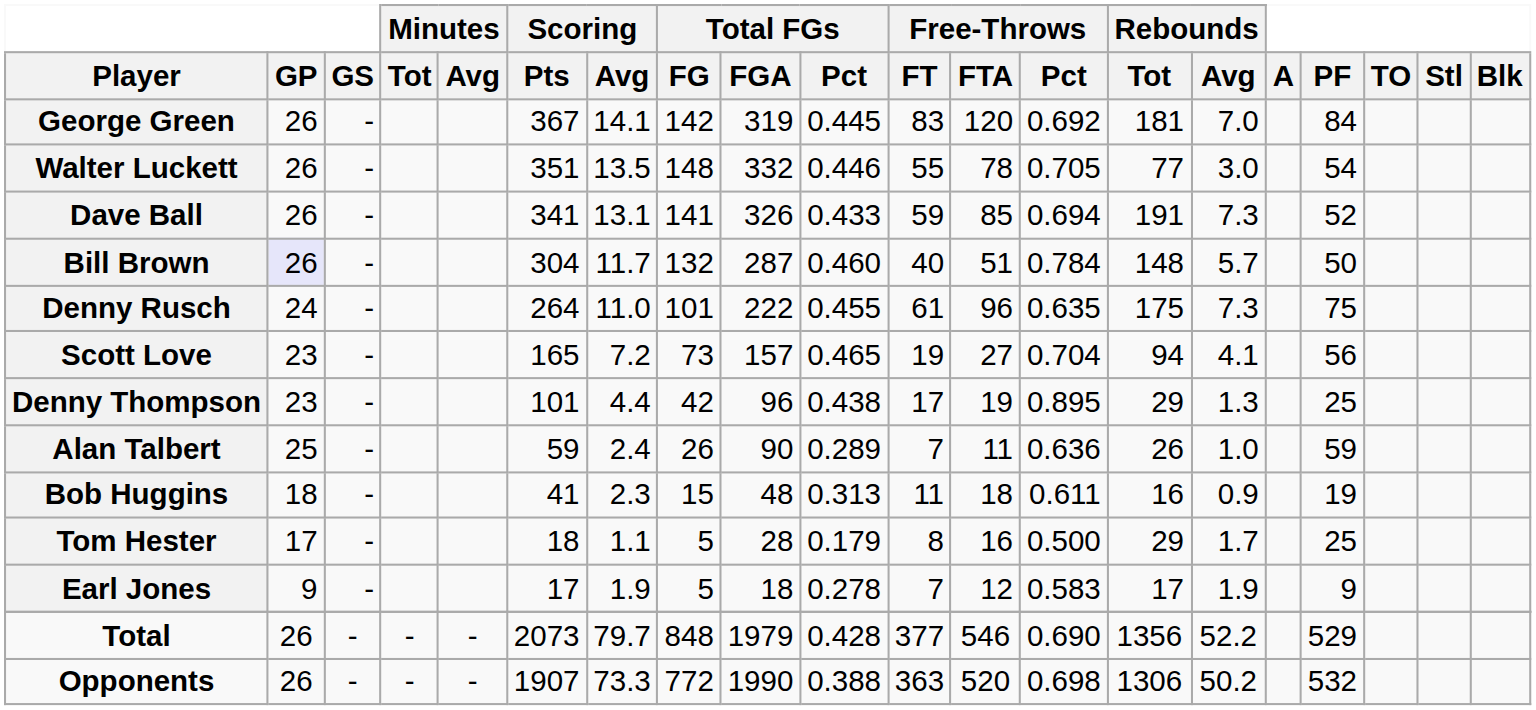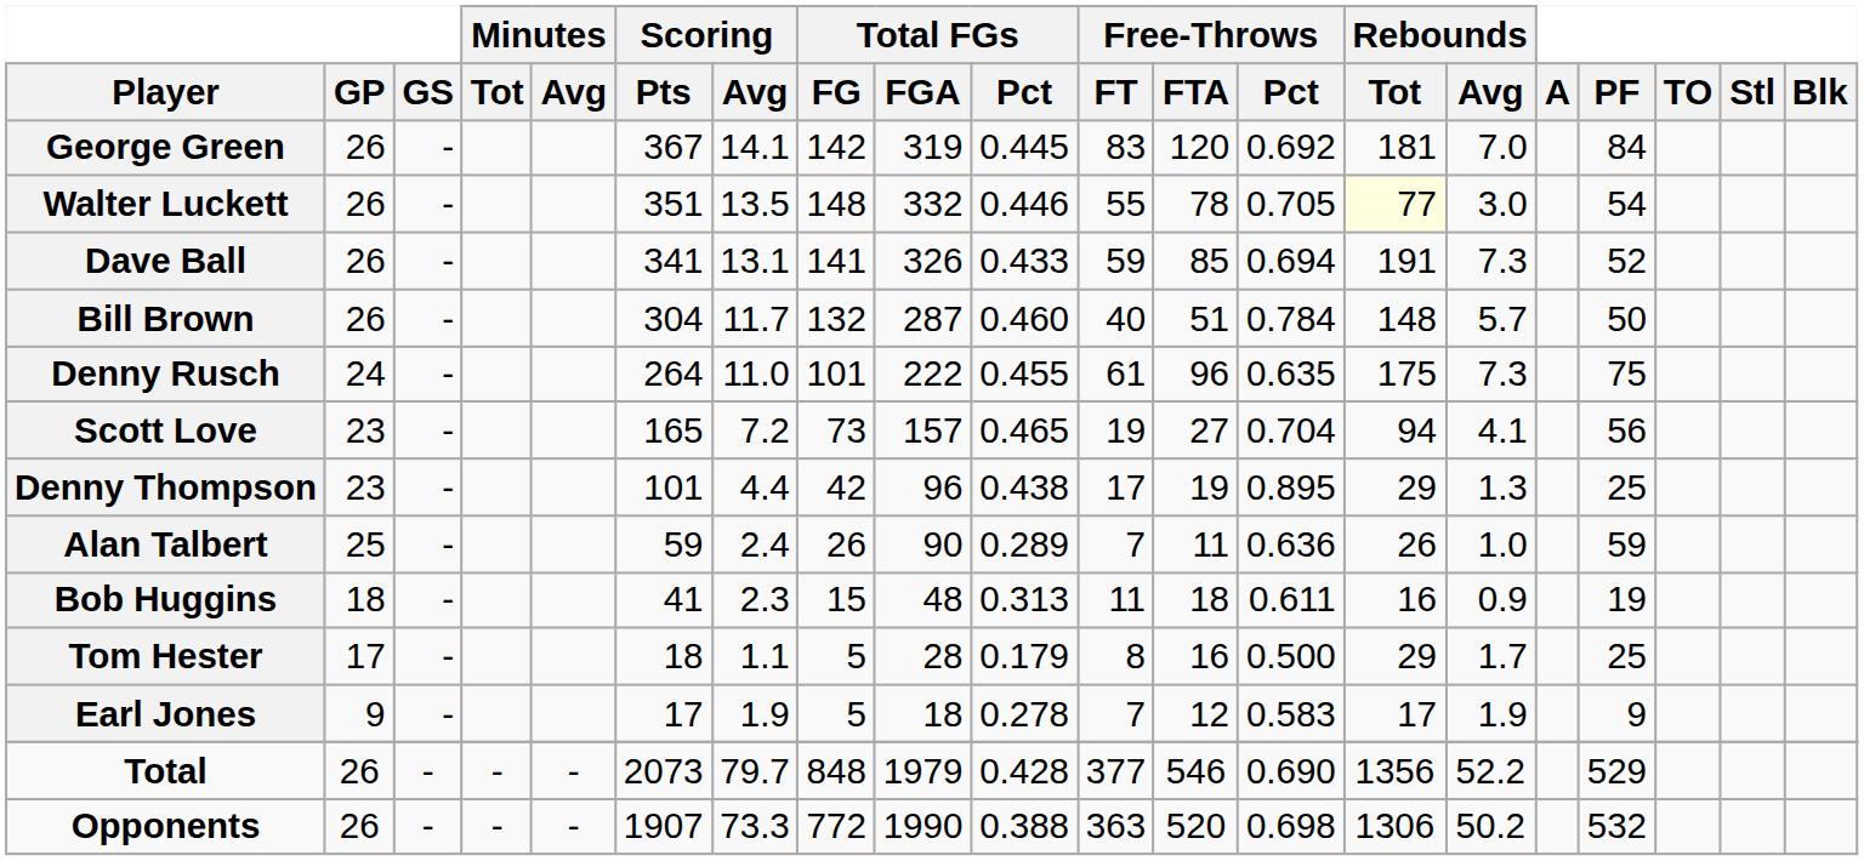 <table class="wikitable sortable" border="1" style="font-size:90%;">
 <tr>
 <th colspan="3" style="border-top-style:hidden; border-left-style:hidden; background: white;"></th>
 <th colspan="2" style=>Minutes</th>
 <th colspan="2" style=>Scoring</th>
 <th colspan="3" style=>Total FGs</th>
 <th colspan="3" style=>Free-Throws</th>
 <th colspan="2" style=>Rebounds</th>
 <th colspan="5" style="border-top-style:hidden; border-right-style:hidden; background: white;"></th>
 </tr>
 <tr>
 <th scope="col" style=>Player</th>
 <th scope="col" style=>GP</th>
 <th scope="col" style=>GS</th>
 <th scope="col" style=>Tot</th>
 <th scope="col" style=>Avg</th>
 <th scope="col" style=>Pts</th>
 <th scope="col" style=>Avg</th>
 <th scope="col" style=>FG</th>
 <th scope="col" style=>FGA</th>
 <th scope="col" style=>Pct</th>
 <th scope="col" style=>FT</th>
 <th scope="col" style=>FTA</th>
 <th scope="col" style=>Pct</th>
 <th scope="col" style=>Tot</th>
 <th scope="col" style=>Avg</th>
 <th scope="col" style=>A</th>
 <th scope="col" style=>PF</th>
 <th scope="col" style=>TO</th>
 <th scope="col" style=>Stl</th>
 <th scope="col" style=>Blk</th>
 </tr>
 <tr>
 <th>George Green</th>
 <td align="right">26</td>
 <td align="right">-</td>
 <td align="right"></td>
 <td align="right"></td>
 <td align="right">367</td>
 <td align="right">14.1</td>
 <td align="right">142</td>
 <td align="right">319</td>
 <td align="right">0.445</td>
 <td align="right">83</td>
 <td align="right">120</td>
 <td align="right">0.692</td>
 <td align="right">181</td>
 <td align="right">7.0</td>
 <td align="right"></td>
 <td align="right">84</td>
 <td align="right"></td>
 <td align="right"></td>
 <td align="right"></td>
 </tr>
 <tr>
 <th>Walter Luckett</th>
 <td align="right">26</td>
 <td align="right">-</td>
 <td align="right"></td>
 <td align="right"></td>
 <td align="right">351</td>
 <td align="right">13.5</td>
 <td align="right">148</td>
 <td align="right">332</td>
 <td align="right">0.446</td>
 <td align="right">55</td>
 <td align="right">78</td>
 <td align="right">0.705</td>
-<td align="right">77</td>
+<td align="right" style="background: lightyellow;">77</td>
 <td align="right">3.0</td>
 <td align="right"></td>
 <td align="right">54</td>
 <td align="right"></td>
 <td align="right"></td>
 <td align="right"></td>
 </tr>
 <tr>
 <th>Dave Ball</th>
 <td align="right">26</td>
 <td align="right">-</td>
 <td align="right"></td>
 <td align="right"></td>
 <td align="right">341</td>
 <td align="right">13.1</td>
 <td align="right">141</td>
 <td align="right">326</td>
 <td align="right">0.433</td>
 <td align="right">59</td>
 <td align="right">85</td>
 <td align="right">0.694</td>
 <td align="right">191</td>
 <td align="right">7.3</td>
 <td align="right"></td>
 <td align="right">52</td>
 <td align="right"></td>
 <td align="right"></td>
 <td align="right"></td>
 </tr>
 <tr>
 <th>Bill Brown</th>
-<td align="right" style="background: lavender;">26</td>
+<td align="right">26</td>
 <td align="right">-</td>
 <td align="right"></td>
 <td align="right"></td>
 <td align="right">304</td>
 <td align="right">11.7</td>
 <td align="right">132</td>
 <td align="right">287</td>
 <td align="right">0.460</td>
 <td align="right">40</td>
 <td align="right">51</td>
 <td align="right">0.784</td>
 <td align="right">148</td>
 <td align="right">5.7</td>
 <td align="right"></td>
 <td align="right">50</td>
 <td align="right"></td>
 <td align="right"></td>
 <td align="right"></td>
 </tr>
 <tr>
 <th>Denny Rusch</th>
 <td align="right">24</td>
 <td align="right">-</td>
 <td align="right"></td>
 <td align="right"></td>
 <td align="right">264</td>
 <td align="right">11.0</td>
 <td align="right">101</td>
 <td align="right">222</td>
 <td align="right">0.455</td>
 <td align="right">61</td>
 <td align="right">96</td>
 <td align="right">0.635</td>
 <td align="right">175</td>
 <td align="right">7.3</td>
 <td align="right"></td>
 <td align="right">75</td>
 <td align="right"></td>
 <td align="right"></td>
 <td align="right"></td>
 </tr>
 <tr>
 <th>Scott Love</th>
 <td align="right">23</td>
 <td align="right">-</td>
 <td align="right"></td>
 <td align="right"></td>
 <td align="right">165</td>
 <td align="right">7.2</td>
 <td align="right">73</td>
 <td align="right">157</td>
 <td align="right">0.465</td>
 <td align="right">19</td>
 <td align="right">27</td>
 <td align="right">0.704</td>
 <td align="right">94</td>
 <td align="right">4.1</td>
 <td align="right"></td>
 <td align="right">56</td>
 <td align="right"></td>
 <td align="right"></td>
 <td align="right"></td>
 </tr>
 <tr>
 <th>Denny Thompson</th>
 <td align="right">23</td>
 <td align="right">-</td>
 <td align="right"></td>
 <td align="right"></td>
 <td align="right">101</td>
 <td align="right">4.4</td>
 <td align="right">42</td>
 <td align="right">96</td>
 <td align="right">0.438</td>
 <td align="right">17</td>
 <td align="right">19</td>
 <td align="right">0.895</td>
 <td align="right">29</td>
 <td align="right">1.3</td>
 <td align="right"></td>
 <td align="right">25</td>
 <td align="right"></td>
 <td align="right"></td>
 <td align="right"></td>
 </tr>
 <tr>
 <th>Alan Talbert</th>
 <td align="right">25</td>
 <td align="right">-</td>
 <td align="right"></td>
 <td align="right"></td>
 <td align="right">59</td>
 <td align="right">2.4</td>
 <td align="right">26</td>
 <td align="right">90</td>
 <td align="right">0.289</td>
 <td align="right">7</td>
 <td align="right">11</td>
 <td align="right">0.636</td>
 <td align="right">26</td>
 <td align="right">1.0</td>
 <td align="right"></td>
 <td align="right">59</td>
 <td align="right"></td>
 <td align="right"></td>
 <td align="right"></td>
 </tr>
 <tr>
 <th>Bob Huggins</th>
 <td align="right">18</td>
 <td align="right">-</td>
 <td align="right"></td>
 <td align="right"></td>
 <td align="right">41</td>
 <td align="right">2.3</td>
 <td align="right">15</td>
 <td align="right">48</td>
 <td align="right">0.313</td>
 <td align="right">11</td>
 <td align="right">18</td>
 <td align="right">0.611</td>
 <td align="right">16</td>
 <td align="right">0.9</td>
 <td align="right"></td>
 <td align="right">19</td>
 <td align="right"></td>
 <td align="right"></td>
 <td align="right"></td>
 </tr>
 <tr>
 <th>Tom Hester</th>
 <td align="right">17</td>
 <td align="right">-</td>
 <td align="right"></td>
 <td align="right"></td>
 <td align="right">18</td>
 <td align="right">1.1</td>
 <td align="right">5</td>
 <td align="right">28</td>
 <td align="right">0.179</td>
 <td align="right">8</td>
 <td align="right">16</td>
 <td align="right">0.500</td>
 <td align="right">29</td>
 <td align="right">1.7</td>
 <td align="right"></td>
 <td align="right">25</td>
 <td align="right"></td>
 <td align="right"></td>
 <td align="right"></td>
 </tr>
 <tr>
 <th>Earl Jones</th>
 <td align="right">9</td>
 <td align="right">-</td>
 <td align="right"></td>
 <td align="right"></td>
 <td align="right">17</td>
 <td align="right">1.9</td>
 <td align="right">5</td>
 <td align="right">18</td>
 <td align="right">0.278</td>
 <td align="right">7</td>
 <td align="right">12</td>
 <td align="right">0.583</td>
 <td align="right">17</td>
 <td align="right">1.9</td>
 <td align="right"></td>
 <td align="right">9</td>
 <td align="right"></td>
 <td align="right"></td>
 <td align="right"></td>
 </tr>
 <tr>
 </tr>
 <tr class="sortbottom">
 <td align="center" style=><strong>Total</strong></td>
 <td align="center" style=>26</td>
 <td align="center" style=>-</td>
 <td align="center" style=>-</td>
 <td align="center" style=>-</td>
 <td align="center" style=>2073</td>
 <td align="center" style=>79.7</td>
 <td align="center" style=>848</td>
 <td align="center" style=>1979</td>
 <td align="center" style=>0.428</td>
 <td align="center" style=>377</td>
 <td align="center" style=>546</td>
 <td align="center" style=>0.690</td>
 <td align="center" style=>1356</td>
 <td align="center" style=>52.2</td>
 <td align="center" style=></td>
 <td align="center" style=>529</td>
 <td align="center" style=></td>
 <td align="center" style=></td>
 <td align="center" style=></td>
 </tr>
 <tr class="sortbottom">
 <td align="center"><strong>Opponents</strong></td>
 <td align="center">26</td>
 <td align="center">-</td>
 <td align="center">-</td>
 <td align="center">-</td>
 <td align="center">1907</td>
 <td align="center">73.3</td>
 <td align="center">772</td>
 <td align="center">1990</td>
 <td align="center">0.388</td>
 <td align="center">363</td>
 <td align="center">520</td>
 <td align="center">0.698</td>
 <td align="center">1306</td>
 <td align="center">50.2</td>
 <td align="center"></td>
 <td align="center">532</td>
 <td align="center"></td>
 <td align="center"></td>
 <td align="center"></td>
 </tr>
 </table>
